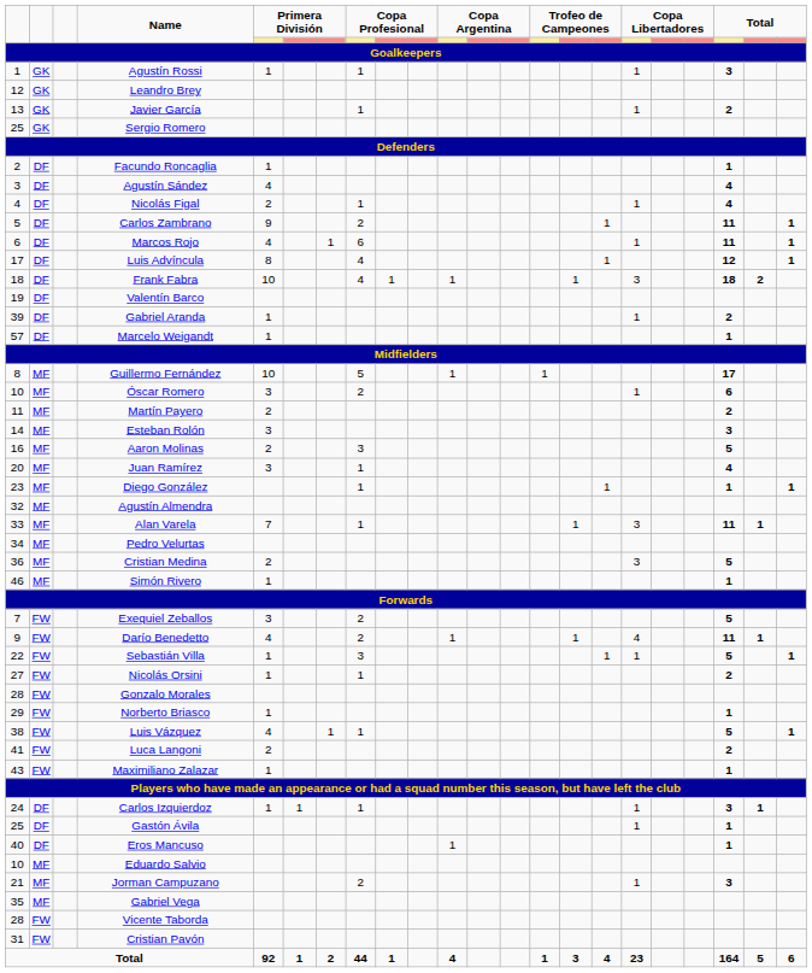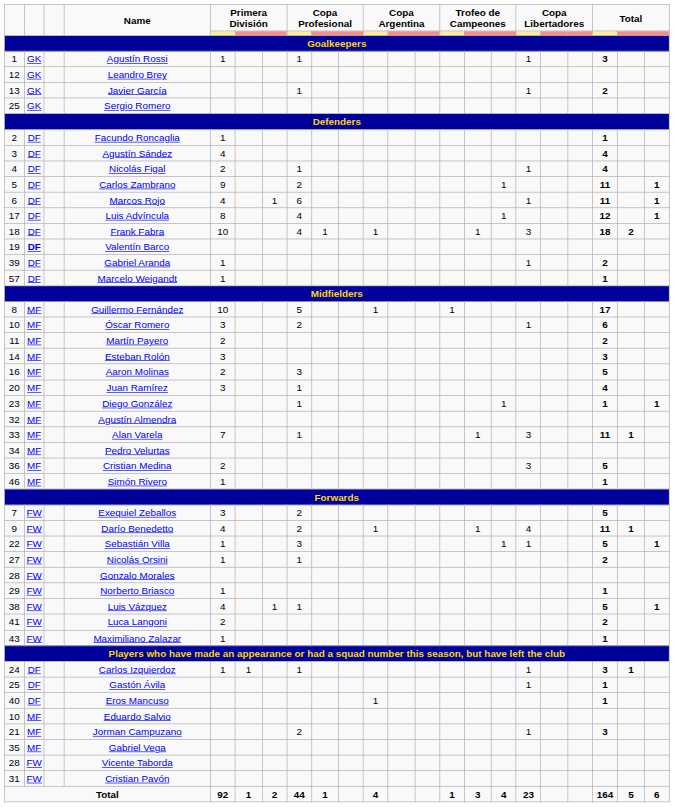 <table class="wikitable" style="font-size: 95%; text-align: center;">
 <tr>
 <td rowspan="2"  style="width:3%; text-align:center;"><strong></strong></td>
 <td rowspan="2"  style="width:3%; text-align:center;"><strong></strong></td>
 <td rowspan="2"  style="width:3%; text-align:center;"><strong></strong></td>
 <td rowspan="2"  style="width:22%; text-align:center;"><strong>Name</strong></td>
 <td colspan="3" style="text-align:center;"><strong>Primera División</strong></td>
 <td colspan="3" style="text-align:center;"><strong>Copa Profesional</strong></td>
 <td colspan="3" style="text-align:center;"><strong>Copa Argentina</strong></td>
 <td colspan="3" style="text-align:center;"><strong>Trofeo de Campeones</strong></td>
 <td colspan="3" style="text-align:center;"><strong>Copa Libertadores</strong></td>
 <td colspan="3" style="text-align:center;"><strong>Total</strong></td>
 </tr>
 <tr>
 <th style="width:25px; background:#fe9;"></th>
 <th style="width:28px; background:#ff8888;"></th>
 <th style="width:25px; background:#ff8888;"></th>
 <th style="width:25px; background:#fe9;"></th>
 <th style="width:28px; background:#ff8888;"></th>
 <th style="width:25px; background:#ff8888;"></th>
 <th style="width:25px; background:#fe9;"></th>
 <th style="width:28px; background:#ff8888;"></th>
 <th style="width:25px; background:#ff8888;"></th>
 <th style="width:25px; background:#fe9;"></th>
 <th style="width:28px; background:#ff8888;"></th>
 <th style="width:25px; background:#ff8888;"></th>
 <th style="width:25px; background:#fe9;"></th>
 <th style="width:28px; background:#ff8888;"></th>
 <th style="width:25px; background:#ff8888;"></th>
 <th style="width:25px; background:#fe9;"></th>
 <th style="width:28px; background:#ff8888;"></th>
 <th style="width:25px; background:#ff8888;"></th>
 </tr>
 <tr>
 <th colspan="22" style="background:#00009B; color:gold; text-align:center">Goalkeepers</th>
 </tr>
 <tr>
 <td>1</td>
 <td><a href='#'>GK</a></td>
 <td></td>
 <td><a href='#'>Agustín Rossi</a></td>
 <td>1</td>
 <td></td>
 <td></td>
 <td>1</td>
 <td></td>
 <td></td>
 <td></td>
 <td></td>
 <td></td>
 <td></td>
 <td></td>
 <td></td>
 <td>1</td>
 <td></td>
 <td></td>
 <td><strong>3</strong></td>
 <td><strong> </strong></td>
 <td><strong> </strong></td>
 </tr>
 <tr>
 <td>12</td>
 <td><a href='#'>GK</a></td>
 <td></td>
 <td><a href='#'>Leandro Brey</a></td>
 <td></td>
 <td></td>
 <td></td>
 <td></td>
 <td></td>
 <td></td>
 <td></td>
 <td></td>
 <td></td>
 <td></td>
 <td></td>
 <td></td>
 <td></td>
 <td></td>
 <td></td>
 <td><strong> </strong></td>
 <td><strong> </strong></td>
 <td><strong> </strong></td>
 </tr>
 <tr>
 <td>13</td>
 <td><a href='#'>GK</a></td>
 <td></td>
 <td><a href='#'>Javier García</a></td>
 <td></td>
 <td></td>
 <td></td>
 <td>1</td>
 <td></td>
 <td></td>
 <td></td>
 <td></td>
 <td></td>
 <td></td>
 <td></td>
 <td></td>
 <td>1</td>
 <td></td>
 <td></td>
 <td><strong>2</strong></td>
 <td><strong> </strong></td>
 <td><strong> </strong></td>
 </tr>
 <tr>
 <td>25</td>
 <td><a href='#'>GK</a></td>
 <td></td>
 <td><a href='#'>Sergio Romero</a></td>
 <td></td>
 <td></td>
 <td></td>
 <td></td>
 <td></td>
 <td></td>
 <td></td>
 <td></td>
 <td></td>
 <td></td>
 <td></td>
 <td></td>
 <td></td>
 <td></td>
 <td></td>
 <td><strong> </strong></td>
 <td><strong> </strong></td>
 <td><strong> </strong></td>
 </tr>
 <tr>
 <th colspan="22" style="background:#00009B; color:gold; text-align:center">Defenders</th>
 </tr>
 <tr>
 <td>2</td>
 <td><a href='#'>DF</a></td>
 <td></td>
 <td><a href='#'>Facundo Roncaglia</a></td>
 <td>1</td>
 <td></td>
 <td></td>
 <td></td>
 <td></td>
 <td></td>
 <td></td>
 <td></td>
 <td></td>
 <td></td>
 <td></td>
 <td></td>
 <td></td>
 <td></td>
 <td></td>
 <td><strong>1</strong></td>
 <td><strong> </strong></td>
 <td><strong> </strong></td>
 </tr>
 <tr>
 <td>3</td>
 <td><a href='#'>DF</a></td>
 <td></td>
 <td><a href='#'>Agustín Sández</a></td>
 <td>4</td>
 <td></td>
 <td></td>
 <td></td>
 <td></td>
 <td></td>
 <td></td>
 <td></td>
 <td></td>
 <td></td>
 <td></td>
 <td></td>
 <td></td>
 <td></td>
 <td></td>
 <td><strong>4</strong></td>
 <td><strong> </strong></td>
 <td><strong> </strong></td>
 </tr>
 <tr>
 <td>4</td>
 <td><a href='#'>DF</a></td>
 <td></td>
 <td><a href='#'>Nicolás Figal</a></td>
 <td>2</td>
 <td></td>
 <td></td>
 <td>1</td>
 <td></td>
 <td></td>
 <td></td>
 <td></td>
 <td></td>
 <td></td>
 <td></td>
 <td></td>
 <td>1</td>
 <td></td>
 <td></td>
 <td><strong>4</strong></td>
 <td><strong> </strong></td>
 <td><strong> </strong></td>
 </tr>
 <tr>
 <td>5</td>
 <td><a href='#'>DF</a></td>
 <td></td>
 <td><a href='#'>Carlos Zambrano</a></td>
 <td>9</td>
 <td></td>
 <td></td>
 <td>2</td>
 <td></td>
 <td></td>
 <td></td>
 <td></td>
 <td></td>
 <td></td>
 <td></td>
 <td>1</td>
 <td></td>
 <td></td>
 <td></td>
 <td><strong>11</strong></td>
 <td><strong> </strong></td>
 <td><strong>1</strong></td>
 </tr>
 <tr>
 <td>6</td>
 <td><a href='#'>DF</a></td>
 <td></td>
 <td><a href='#'>Marcos Rojo</a></td>
 <td>4</td>
 <td></td>
 <td>1</td>
 <td>6</td>
 <td></td>
 <td></td>
 <td></td>
 <td></td>
 <td></td>
 <td></td>
 <td></td>
 <td></td>
 <td>1</td>
 <td></td>
 <td></td>
 <td><strong>11</strong></td>
 <td><strong> </strong></td>
 <td><strong>1</strong></td>
 </tr>
 <tr>
 <td>17</td>
 <td><a href='#'>DF</a></td>
 <td></td>
 <td><a href='#'>Luis Advíncula</a></td>
 <td>8</td>
 <td></td>
 <td></td>
 <td>4</td>
 <td></td>
 <td></td>
 <td></td>
 <td></td>
 <td></td>
 <td></td>
 <td></td>
 <td>1</td>
 <td></td>
 <td></td>
 <td></td>
 <td><strong>12</strong></td>
 <td><strong> </strong></td>
 <td><strong>1</strong></td>
 </tr>
 <tr>
 <td>18</td>
 <td><a href='#'>DF</a></td>
 <td></td>
 <td><a href='#'>Frank Fabra</a></td>
 <td>10</td>
 <td></td>
 <td></td>
 <td>4</td>
 <td>1</td>
 <td></td>
 <td>1</td>
 <td></td>
 <td></td>
 <td></td>
 <td>1</td>
 <td></td>
 <td>3</td>
 <td></td>
 <td></td>
 <td><strong>18</strong></td>
 <td><strong>2</strong></td>
 <td><strong> </strong></td>
 </tr>
 <tr>
 <td>19</td>
-<td><a href='#'>DF</a></td>
+<td><strong><a href='#'>DF</a></strong></td>
 <td></td>
 <td><a href='#'>Valentín Barco</a></td>
 <td></td>
 <td></td>
 <td></td>
 <td></td>
 <td></td>
 <td></td>
 <td></td>
 <td></td>
 <td></td>
 <td></td>
 <td></td>
 <td></td>
 <td></td>
 <td></td>
 <td></td>
 <td><strong> </strong></td>
 <td><strong> </strong></td>
 <td><strong> </strong></td>
 </tr>
 <tr>
 <td>39</td>
 <td><a href='#'>DF</a></td>
 <td></td>
 <td><a href='#'>Gabriel Aranda</a></td>
 <td>1</td>
 <td></td>
 <td></td>
 <td></td>
 <td></td>
 <td></td>
 <td></td>
 <td></td>
 <td></td>
 <td></td>
 <td></td>
 <td></td>
 <td>1</td>
 <td></td>
 <td></td>
 <td><strong>2</strong></td>
 <td><strong> </strong></td>
 <td><strong> </strong></td>
 </tr>
 <tr>
 <td>57</td>
 <td><a href='#'>DF</a></td>
 <td></td>
 <td><a href='#'>Marcelo Weigandt</a></td>
 <td>1</td>
 <td></td>
 <td></td>
 <td></td>
 <td></td>
 <td></td>
 <td></td>
 <td></td>
 <td></td>
 <td></td>
 <td></td>
 <td></td>
 <td></td>
 <td></td>
 <td></td>
 <td><strong>1</strong></td>
 <td><strong> </strong></td>
 <td><strong> </strong></td>
 </tr>
 <tr>
 <th colspan="22" style="background:#00009B; color:gold; text-align:center">Midfielders</th>
 </tr>
 <tr>
 <td>8</td>
 <td><a href='#'>MF</a></td>
 <td></td>
 <td><a href='#'>Guillermo Fernández</a></td>
 <td>10</td>
 <td></td>
 <td></td>
 <td>5</td>
 <td></td>
 <td></td>
 <td>1</td>
 <td></td>
 <td></td>
 <td>1</td>
 <td></td>
 <td></td>
 <td></td>
 <td></td>
 <td></td>
 <td><strong>17</strong></td>
 <td><strong> </strong></td>
 <td><strong> </strong></td>
 </tr>
 <tr>
 <td>10</td>
 <td><a href='#'>MF</a></td>
 <td></td>
 <td><a href='#'>Óscar Romero</a></td>
 <td>3</td>
 <td></td>
 <td></td>
 <td>2</td>
 <td></td>
 <td></td>
 <td></td>
 <td></td>
 <td></td>
 <td></td>
 <td></td>
 <td></td>
 <td>1</td>
 <td></td>
 <td></td>
 <td><strong>6</strong></td>
 <td><strong> </strong></td>
 <td><strong> </strong></td>
 </tr>
 <tr>
 <td>11</td>
 <td><a href='#'>MF</a></td>
 <td></td>
 <td><a href='#'>Martín Payero</a></td>
 <td>2</td>
 <td></td>
 <td></td>
 <td></td>
 <td></td>
 <td></td>
 <td></td>
 <td></td>
 <td></td>
 <td></td>
 <td></td>
 <td></td>
 <td></td>
 <td></td>
 <td></td>
 <td><strong>2</strong></td>
 <td><strong> </strong></td>
 <td><strong> </strong></td>
 </tr>
 <tr>
 <td>14</td>
 <td><a href='#'>MF</a></td>
 <td></td>
 <td><a href='#'>Esteban Rolón</a></td>
 <td>3</td>
 <td></td>
 <td></td>
 <td></td>
 <td></td>
 <td></td>
 <td></td>
 <td></td>
 <td></td>
 <td></td>
 <td></td>
 <td></td>
 <td></td>
 <td></td>
 <td></td>
 <td><strong>3</strong></td>
 <td><strong> </strong></td>
 <td><strong> </strong></td>
 </tr>
 <tr>
 <td>16</td>
 <td><a href='#'>MF</a></td>
 <td></td>
 <td><a href='#'>Aaron Molinas</a></td>
 <td>2</td>
 <td></td>
 <td></td>
 <td>3</td>
 <td></td>
 <td></td>
 <td></td>
 <td></td>
 <td></td>
 <td></td>
 <td></td>
 <td></td>
 <td></td>
 <td></td>
 <td></td>
 <td><strong>5</strong></td>
 <td><strong> </strong></td>
 <td><strong> </strong></td>
 </tr>
 <tr>
 <td>20</td>
 <td><a href='#'>MF</a></td>
 <td></td>
 <td><a href='#'>Juan Ramírez</a></td>
 <td>3</td>
 <td></td>
 <td></td>
 <td>1</td>
 <td></td>
 <td></td>
 <td></td>
 <td></td>
 <td></td>
 <td></td>
 <td></td>
 <td></td>
 <td></td>
 <td></td>
 <td></td>
 <td><strong>4</strong></td>
 <td><strong> </strong></td>
 <td><strong> </strong></td>
 </tr>
 <tr>
 <td>23</td>
 <td><a href='#'>MF</a></td>
 <td></td>
 <td><a href='#'>Diego González</a></td>
 <td></td>
 <td></td>
 <td></td>
 <td>1</td>
 <td></td>
 <td></td>
 <td></td>
 <td></td>
 <td></td>
 <td></td>
 <td></td>
 <td>1</td>
 <td></td>
 <td></td>
 <td></td>
 <td><strong>1</strong></td>
 <td><strong> </strong></td>
 <td><strong>1</strong></td>
 </tr>
 <tr>
 <td>32</td>
 <td><a href='#'>MF</a></td>
 <td></td>
 <td><a href='#'>Agustín Almendra</a></td>
 <td></td>
 <td></td>
 <td></td>
 <td></td>
 <td></td>
 <td></td>
 <td></td>
 <td></td>
 <td></td>
 <td></td>
 <td></td>
 <td></td>
 <td></td>
 <td></td>
 <td></td>
 <td><strong> </strong></td>
 <td><strong> </strong></td>
 <td><strong> </strong></td>
 </tr>
 <tr>
 <td>33</td>
 <td><a href='#'>MF</a></td>
 <td></td>
 <td><a href='#'>Alan Varela</a></td>
 <td>7</td>
 <td></td>
 <td></td>
 <td>1</td>
 <td></td>
 <td></td>
 <td></td>
 <td></td>
 <td></td>
 <td></td>
 <td>1</td>
 <td></td>
 <td>3</td>
 <td></td>
 <td></td>
 <td><strong>11</strong></td>
 <td><strong>1</strong></td>
 <td><strong> </strong></td>
 </tr>
 <tr>
 <td>34</td>
 <td><a href='#'>MF</a></td>
 <td></td>
 <td><a href='#'>Pedro Velurtas</a></td>
 <td></td>
 <td></td>
 <td></td>
 <td></td>
 <td></td>
 <td></td>
 <td></td>
 <td></td>
 <td></td>
 <td></td>
 <td></td>
 <td></td>
 <td></td>
 <td></td>
 <td></td>
 <td><strong> </strong></td>
 <td><strong> </strong></td>
 <td><strong> </strong></td>
 </tr>
 <tr>
 <td>36</td>
 <td><a href='#'>MF</a></td>
 <td></td>
 <td><a href='#'>Cristian Medina</a></td>
 <td>2</td>
 <td></td>
 <td></td>
 <td></td>
 <td></td>
 <td></td>
 <td></td>
 <td></td>
 <td></td>
 <td></td>
 <td></td>
 <td></td>
 <td>3</td>
 <td></td>
 <td></td>
 <td><strong>5</strong></td>
 <td><strong> </strong></td>
 <td><strong> </strong></td>
 </tr>
 <tr>
 <td>46</td>
 <td><a href='#'>MF</a></td>
 <td></td>
 <td><a href='#'>Simón Rivero</a></td>
 <td>1</td>
 <td></td>
 <td></td>
 <td></td>
 <td></td>
 <td></td>
 <td></td>
 <td></td>
 <td></td>
 <td></td>
 <td></td>
 <td></td>
 <td></td>
 <td></td>
 <td></td>
 <td><strong>1</strong></td>
 <td><strong> </strong></td>
 <td><strong> </strong></td>
 </tr>
 <tr>
 <th colspan="22" style="background:#00009B; color:gold; text-align:center">Forwards</th>
 </tr>
 <tr>
 <td>7</td>
 <td><a href='#'>FW</a></td>
 <td></td>
 <td><a href='#'>Exequiel Zeballos</a></td>
 <td>3</td>
 <td></td>
 <td></td>
 <td>2</td>
 <td></td>
 <td></td>
 <td></td>
 <td></td>
 <td></td>
 <td></td>
 <td></td>
 <td></td>
 <td></td>
 <td></td>
 <td></td>
 <td><strong>5</strong></td>
 <td><strong> </strong></td>
 <td><strong> </strong></td>
 </tr>
 <tr>
 <td>9</td>
 <td><a href='#'>FW</a></td>
 <td></td>
 <td><a href='#'>Darío Benedetto</a></td>
 <td>4</td>
 <td></td>
 <td></td>
 <td>2</td>
 <td></td>
 <td></td>
 <td>1</td>
 <td></td>
 <td></td>
 <td></td>
 <td>1</td>
 <td></td>
 <td>4</td>
 <td></td>
 <td></td>
 <td><strong>11</strong></td>
 <td><strong>1</strong></td>
 <td><strong> </strong></td>
 </tr>
 <tr>
 <td>22</td>
 <td><a href='#'>FW</a></td>
 <td></td>
 <td><a href='#'>Sebastián Villa</a></td>
 <td>1</td>
 <td></td>
 <td></td>
 <td>3</td>
 <td></td>
 <td></td>
 <td></td>
 <td></td>
 <td></td>
 <td></td>
 <td></td>
 <td>1</td>
 <td>1</td>
 <td></td>
 <td></td>
 <td><strong>5</strong></td>
 <td><strong> </strong></td>
 <td><strong>1</strong></td>
 </tr>
 <tr>
 <td>27</td>
 <td><a href='#'>FW</a></td>
 <td></td>
 <td><a href='#'>Nicolás Orsini</a></td>
 <td>1</td>
 <td></td>
 <td></td>
 <td>1</td>
 <td></td>
 <td></td>
 <td></td>
 <td></td>
 <td></td>
 <td></td>
 <td></td>
 <td></td>
 <td></td>
 <td></td>
 <td></td>
 <td><strong>2</strong></td>
 <td><strong> </strong></td>
 <td><strong> </strong></td>
 </tr>
 <tr>
 <td>28</td>
 <td><a href='#'>FW</a></td>
 <td></td>
 <td><a href='#'>Gonzalo Morales</a></td>
 <td></td>
 <td></td>
 <td></td>
 <td></td>
 <td></td>
 <td></td>
 <td></td>
 <td></td>
 <td></td>
 <td></td>
 <td></td>
 <td></td>
 <td></td>
 <td></td>
 <td></td>
 <td><strong> </strong></td>
 <td><strong> </strong></td>
 <td><strong> </strong></td>
 </tr>
 <tr>
 <td>29</td>
 <td><a href='#'>FW</a></td>
 <td></td>
 <td><a href='#'>Norberto Briasco</a></td>
 <td>1</td>
 <td></td>
 <td></td>
 <td></td>
 <td></td>
 <td></td>
 <td></td>
 <td></td>
 <td></td>
 <td></td>
 <td></td>
 <td></td>
 <td></td>
 <td></td>
 <td></td>
 <td><strong>1</strong></td>
 <td><strong> </strong></td>
 <td><strong> </strong></td>
 </tr>
 <tr>
 <td>38</td>
 <td><a href='#'>FW</a></td>
 <td></td>
 <td><a href='#'>Luis Vázquez</a></td>
 <td>4</td>
 <td></td>
 <td>1</td>
 <td>1</td>
 <td></td>
 <td></td>
 <td></td>
 <td></td>
 <td></td>
 <td></td>
 <td></td>
 <td></td>
 <td></td>
 <td></td>
 <td></td>
 <td><strong>5</strong></td>
 <td><strong> </strong></td>
 <td><strong>1</strong></td>
 </tr>
 <tr>
 <td>41</td>
 <td><a href='#'>FW</a></td>
 <td></td>
 <td><a href='#'>Luca Langoni</a></td>
 <td>2</td>
 <td></td>
 <td></td>
 <td></td>
 <td></td>
 <td></td>
 <td></td>
 <td></td>
 <td></td>
 <td></td>
 <td></td>
 <td></td>
 <td></td>
 <td></td>
 <td></td>
 <td><strong>2</strong></td>
 <td><strong> </strong></td>
 <td><strong> </strong></td>
 </tr>
 <tr>
 <td>43</td>
 <td><a href='#'>FW</a></td>
 <td></td>
 <td><a href='#'>Maximiliano Zalazar</a></td>
 <td>1</td>
 <td></td>
 <td></td>
 <td></td>
 <td></td>
 <td></td>
 <td></td>
 <td></td>
 <td></td>
 <td></td>
 <td></td>
 <td></td>
 <td></td>
 <td></td>
 <td></td>
 <td><strong>1</strong></td>
 <td><strong> </strong></td>
 <td><strong> </strong></td>
 </tr>
 <tr>
 <th colspan="22" style="background:#00009B; color:gold; text-align:center">Players who have made an appearance or had a squad number this season, but have left the club</th>
 </tr>
 <tr>
 <td>24</td>
 <td><a href='#'>DF</a></td>
 <td></td>
 <td><a href='#'>Carlos Izquierdoz</a></td>
 <td>1</td>
 <td>1</td>
 <td></td>
 <td>1</td>
 <td></td>
 <td></td>
 <td></td>
 <td></td>
 <td></td>
 <td></td>
 <td></td>
 <td></td>
 <td>1</td>
 <td></td>
 <td></td>
 <td><strong>3</strong></td>
 <td><strong>1</strong></td>
 <td><strong> </strong></td>
 </tr>
 <tr>
 <td>25</td>
 <td><a href='#'>DF</a></td>
 <td></td>
 <td><a href='#'>Gastón Ávila</a></td>
 <td></td>
 <td></td>
 <td></td>
 <td></td>
 <td></td>
 <td></td>
 <td></td>
 <td></td>
 <td></td>
 <td></td>
 <td></td>
 <td></td>
 <td>1</td>
 <td></td>
 <td></td>
 <td><strong>1</strong></td>
 <td><strong> </strong></td>
 <td><strong> </strong></td>
 </tr>
 <tr>
 <td>40</td>
 <td><a href='#'>DF</a></td>
 <td></td>
 <td><a href='#'>Eros Mancuso</a></td>
 <td></td>
 <td></td>
 <td></td>
 <td></td>
 <td></td>
 <td></td>
 <td>1</td>
 <td></td>
 <td></td>
 <td></td>
 <td></td>
 <td></td>
 <td></td>
 <td></td>
 <td></td>
 <td><strong>1</strong></td>
 <td><strong> </strong></td>
 <td><strong> </strong></td>
 </tr>
 <tr>
 <td>10</td>
 <td><a href='#'>MF</a></td>
 <td></td>
 <td><a href='#'>Eduardo Salvio</a></td>
 <td></td>
 <td></td>
 <td></td>
 <td></td>
 <td></td>
 <td></td>
 <td></td>
 <td></td>
 <td></td>
 <td></td>
 <td></td>
 <td></td>
 <td></td>
 <td></td>
 <td></td>
 <td><strong> </strong></td>
 <td><strong> </strong></td>
 <td><strong> </strong></td>
 </tr>
 <tr>
 <td>21</td>
 <td><a href='#'>MF</a></td>
 <td></td>
 <td><a href='#'>Jorman Campuzano</a></td>
 <td></td>
 <td></td>
 <td></td>
 <td>2</td>
 <td></td>
 <td></td>
 <td></td>
 <td></td>
 <td></td>
 <td></td>
 <td></td>
 <td></td>
 <td>1</td>
 <td></td>
 <td></td>
 <td><strong>3</strong></td>
 <td><strong> </strong></td>
 <td><strong> </strong></td>
 </tr>
 <tr>
 <td>35</td>
 <td><a href='#'>MF</a></td>
 <td></td>
 <td><a href='#'>Gabriel Vega</a></td>
 <td></td>
 <td></td>
 <td></td>
 <td></td>
 <td></td>
 <td></td>
 <td></td>
 <td></td>
 <td></td>
 <td></td>
 <td></td>
 <td></td>
 <td></td>
 <td></td>
 <td></td>
 <td><strong> </strong></td>
 <td><strong> </strong></td>
 <td><strong> </strong></td>
 </tr>
 <tr>
 <td>28</td>
 <td><a href='#'>FW</a></td>
 <td></td>
 <td><a href='#'>Vicente Taborda</a></td>
 <td></td>
 <td></td>
 <td></td>
 <td></td>
 <td></td>
 <td></td>
 <td></td>
 <td></td>
 <td></td>
 <td></td>
 <td></td>
 <td></td>
 <td></td>
 <td></td>
 <td></td>
 <td><strong> </strong></td>
 <td><strong> </strong></td>
 <td><strong> </strong></td>
 </tr>
 <tr>
 <td>31</td>
 <td><a href='#'>FW</a></td>
 <td></td>
 <td><a href='#'>Cristian Pavón</a></td>
 <td></td>
 <td></td>
 <td></td>
 <td></td>
 <td></td>
 <td></td>
 <td></td>
 <td></td>
 <td></td>
 <td></td>
 <td></td>
 <td></td>
 <td></td>
 <td></td>
 <td></td>
 <td><strong> </strong></td>
 <td><strong> </strong></td>
 <td><strong> </strong></td>
 </tr>
 <tr>
 <td colspan=4><strong>Total</strong></td>
 <td><strong>92</strong></td>
 <td><strong>1</strong></td>
 <td><strong>2</strong></td>
 <td><strong>44</strong></td>
 <td><strong>1</strong></td>
 <td><strong> </strong></td>
 <td><strong>4</strong></td>
 <td><strong> </strong></td>
 <td><strong> </strong></td>
 <td><strong>1</strong></td>
 <td><strong>3</strong></td>
 <td><strong>4</strong></td>
 <td><strong>23</strong></td>
 <td><strong> </strong></td>
 <td><strong> </strong></td>
 <td><strong>164</strong></td>
 <td><strong>5</strong></td>
 <td><strong>6</strong></td>
 </tr>
 </table>
